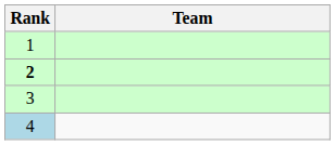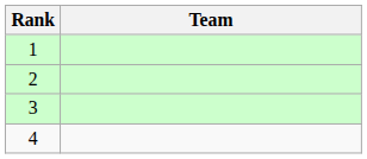 <table class="wikitable" style="text-align: center;">
 <tr>
 <th width=40>Rank</th>
 <th width=250>Team</th>
 </tr>
 <tr bgcolor=#ccffcc>
 <td>1</td>
 <td align=left></td>
 </tr>
 <tr bgcolor=#ccffcc>
-<td><strong>2</strong></td>
+<td>2</td>
 <td align=left></td>
 </tr>
 <tr bgcolor=#ccffcc>
 <td>3</td>
 <td align=left></td>
 </tr>
 <tr>
-<td style="background: lightblue;">4</td>
+<td>4</td>
 <td align=left></td>
 </tr>
 </table>
